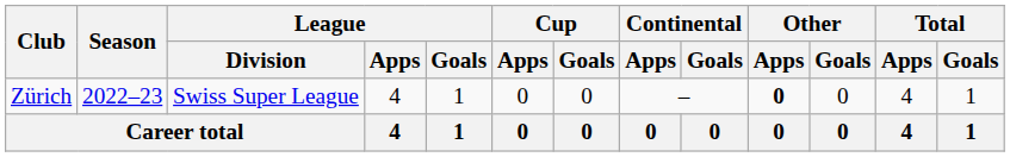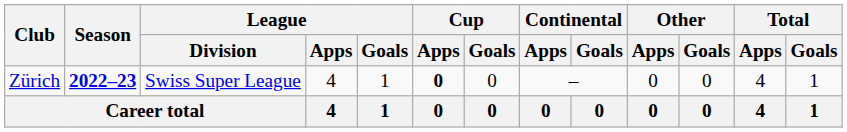 <table class=wikitable style=text-align:center>
 <tr>
 <th rowspan=2>Club</th>
 <th rowspan=2>Season</th>
 <th colspan=3>League</th>
 <th colspan=2>Cup</th>
 <th colspan=2>Continental</th>
 <th colspan=2>Other</th>
 <th colspan=2>Total</th>
 </tr>
 <tr>
 <th>Division</th>
 <th>Apps</th>
 <th>Goals</th>
 <th>Apps</th>
 <th>Goals</th>
 <th>Apps</th>
 <th>Goals</th>
 <th>Apps</th>
 <th>Goals</th>
 <th>Apps</th>
 <th>Goals</th>
 </tr>
 <tr>
 <td><a href='#'>Zürich</a></td>
-<td><a href='#'>2022–23</a></td>
+<td><strong><a href='#'>2022–23</a></strong></td>
 <td><a href='#'>Swiss Super League</a></td>
 <td>4</td>
 <td>1</td>
-<td>0</td>
+<td><strong>0</strong></td>
 <td>0</td>
 <td colspan=2>–</td>
-<td><strong>0</strong></td>
+<td>0</td>
 <td>0</td>
 <td>4</td>
 <td>1</td>
 </tr>
 <tr>
 <th colspan="3">Career total</th>
 <th>4</th>
 <th>1</th>
 <th>0</th>
 <th>0</th>
 <th>0</th>
 <th>0</th>
 <th>0</th>
 <th>0</th>
 <th>4</th>
 <th>1</th>
 </tr>
 </table>
